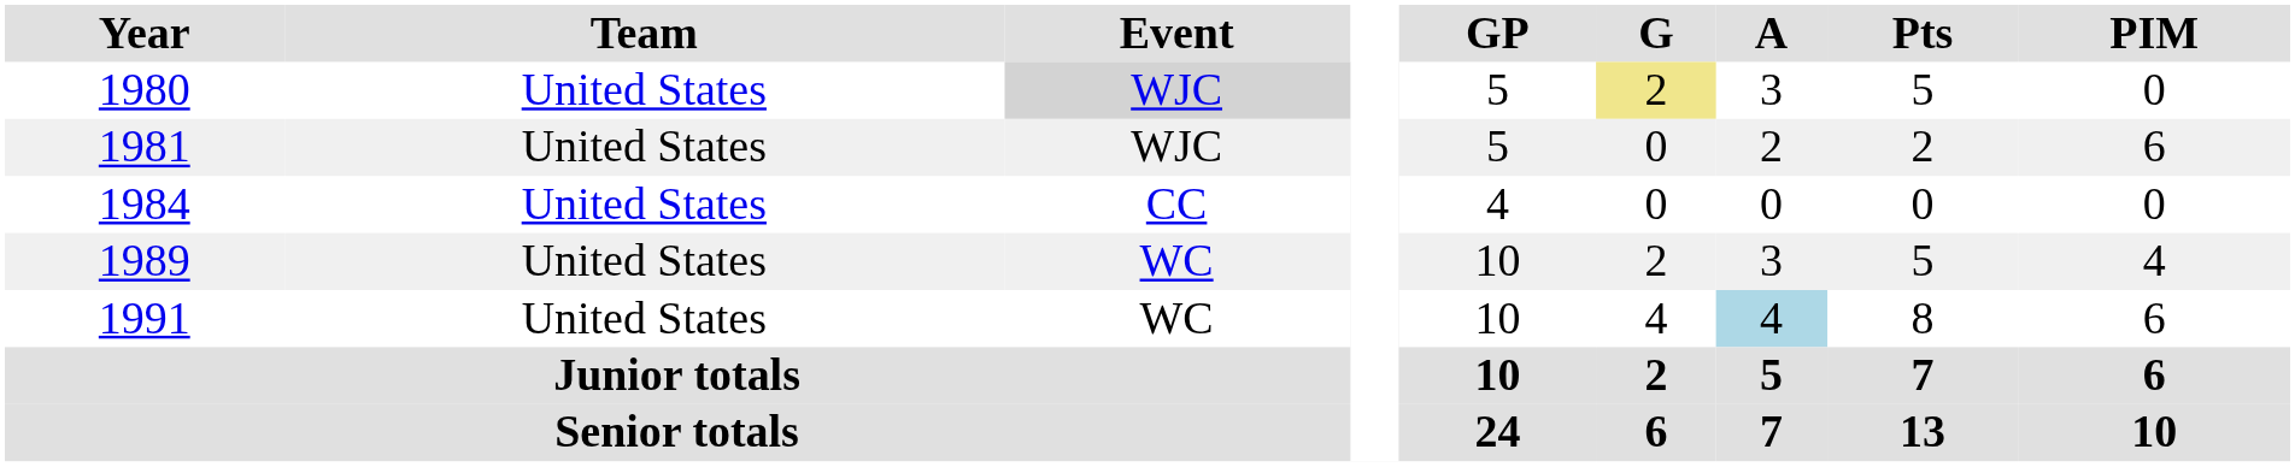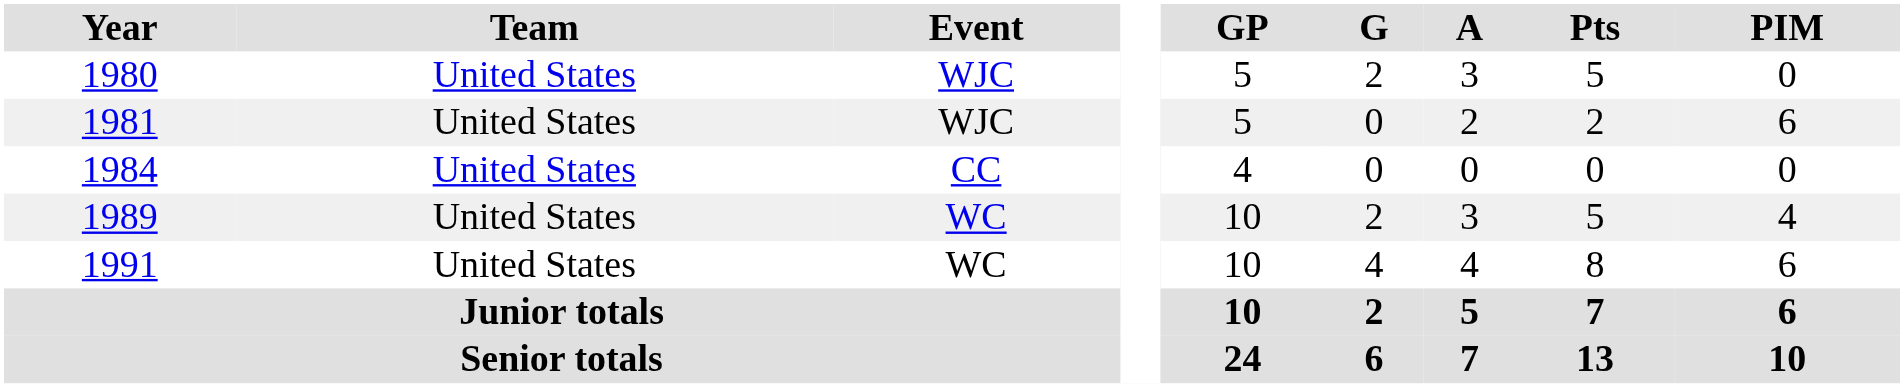 <table border="0" cellpadding="1" cellspacing="0" style="text-align:center; width:50em">
 <tr ALIGN="center" bgcolor="#e0e0e0">
 <th>Year</th>
 <th>Team</th>
 <th>Event</th>
 <th rowspan="99" bgcolor="#ffffff"> </th>
 <th>GP</th>
 <th>G</th>
 <th>A</th>
 <th>Pts</th>
 <th>PIM</th>
 </tr>
 <tr>
 <td><a href='#'>1980</a></td>
 <td><a href='#'>United States</a></td>
-<td style="background: lightgrey;"><a href='#'>WJC</a></td>
+<td><a href='#'>WJC</a></td>
 <td>5</td>
-<td style="background: khaki;">2</td>
+<td>2</td>
 <td>3</td>
 <td>5</td>
 <td>0</td>
 </tr>
 <tr bgcolor="#f0f0f0">
 <td><a href='#'>1981</a></td>
 <td>United States</td>
 <td>WJC</td>
 <td>5</td>
 <td>0</td>
 <td>2</td>
 <td>2</td>
 <td>6</td>
 </tr>
 <tr>
 <td><a href='#'>1984</a></td>
 <td><a href='#'>United States</a></td>
 <td><a href='#'>CC</a></td>
 <td>4</td>
 <td>0</td>
 <td>0</td>
 <td>0</td>
 <td>0</td>
 </tr>
 <tr bgcolor="#f0f0f0">
 <td><a href='#'>1989</a></td>
 <td>United States</td>
 <td><a href='#'>WC</a></td>
 <td>10</td>
 <td>2</td>
 <td>3</td>
 <td>5</td>
 <td>4</td>
 </tr>
 <tr>
 <td><a href='#'>1991</a></td>
 <td>United States</td>
 <td>WC</td>
 <td>10</td>
 <td>4</td>
-<td style="background: lightblue;">4</td>
+<td>4</td>
 <td>8</td>
 <td>6</td>
 </tr>
 <tr bgcolor="#e0e0e0">
 <th colspan=3>Junior totals</th>
 <th>10</th>
 <th>2</th>
 <th>5</th>
 <th>7</th>
 <th>6</th>
 </tr>
 <tr bgcolor="#e0e0e0">
 <th colspan=3>Senior totals</th>
 <th>24</th>
 <th>6</th>
 <th>7</th>
 <th>13</th>
 <th>10</th>
 </tr>
 </table>
